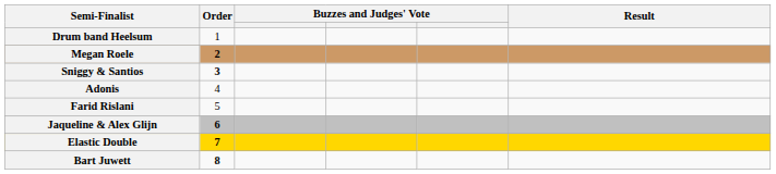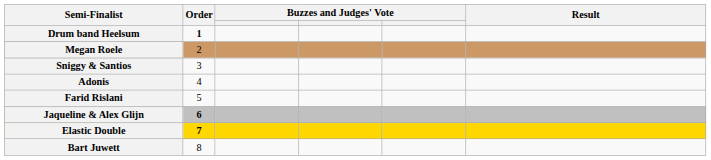 <table class="wikitable plainrowheaders sortable" style="text-align:center;">
 <tr>
 <th scope="col" rowspan=2 class="unsortable" style="width:17em;">Semi-Finalist</th>
 <th scope="col" rowspan=2 style="width:1em;">Order</th>
 <th scope="col" colspan=3 class="unsortable" style="width:24em;">Buzzes and Judges' Vote</th>
 <th scope="col" rowspan=2 style="width:23em;">Result</th>
 </tr>
 <tr>
 <th scope="col" class="unsortable" style="width:6em;"></th>
 <th scope="col" class="unsortable" style="width:6em;"></th>
 <th scope="col" class="unsortable" style="width:6em;"></th>
 </tr>
 <tr>
 <th scope="row">Drum band Heelsum</th>
-<td>1</td>
+<td><strong>1</strong></td>
 <td style="text-align:center;"></td>
 <td style="text-align:center;"></td>
 <td style="text-align:center;"></td>
 <td></td>
 </tr>
 <tr bgcolor=#c96>
 <th scope="row">Megan Roele</th>
-<td><strong>2</strong></td>
+<td>2</td>
 <td style="text-align:center;"></td>
 <td style="text-align:center;"></td>
 <td style="text-align:center;"></td>
 <td><strong></strong></td>
 </tr>
 <tr>
 <th scope="row">Sniggy & Santios</th>
-<td><strong>3</strong></td>
+<td>3</td>
 <td style="text-align:center;"></td>
 <td style="text-align:center;"></td>
 <td style="text-align:center;"></td>
 <td></td>
 </tr>
 <tr>
 <th scope="row">Adonis</th>
 <td>4</td>
 <td style="text-align:center;"></td>
 <td style="text-align:center;"></td>
 <td style="text-align:center;"></td>
 <td></td>
 </tr>
 <tr>
 <th scope="row">Farid Rislani</th>
 <td>5</td>
 <td style="text-align:center;"></td>
 <td style="text-align:center;"></td>
 <td style="text-align:center;"></td>
 <td></td>
 </tr>
 <tr bgcolor=silver>
 <th scope="row"><strong>Jaqueline & Alex Glijn</strong></th>
 <td><strong>6</strong></td>
 <td style="text-align:center;"></td>
 <td style="text-align:center;"></td>
 <td style="text-align:center;"></td>
 <td><strong></strong></td>
 </tr>
 <tr bgcolor=gold>
 <th scope="row"><strong>Elastic Double</strong></th>
 <td><strong>7</strong></td>
 <td style="text-align:center;"></td>
 <td style="text-align:center;"></td>
 <td style="text-align:center;"></td>
 <td><strong></strong></td>
 </tr>
 <tr>
 <th scope="row">Bart Juwett</th>
-<td><strong>8</strong></td>
+<td>8</td>
 <td style="text-align:center;"></td>
 <td style="text-align:center;"></td>
 <td style="text-align:center;"></td>
 <td></td>
 </tr>
 </table>
